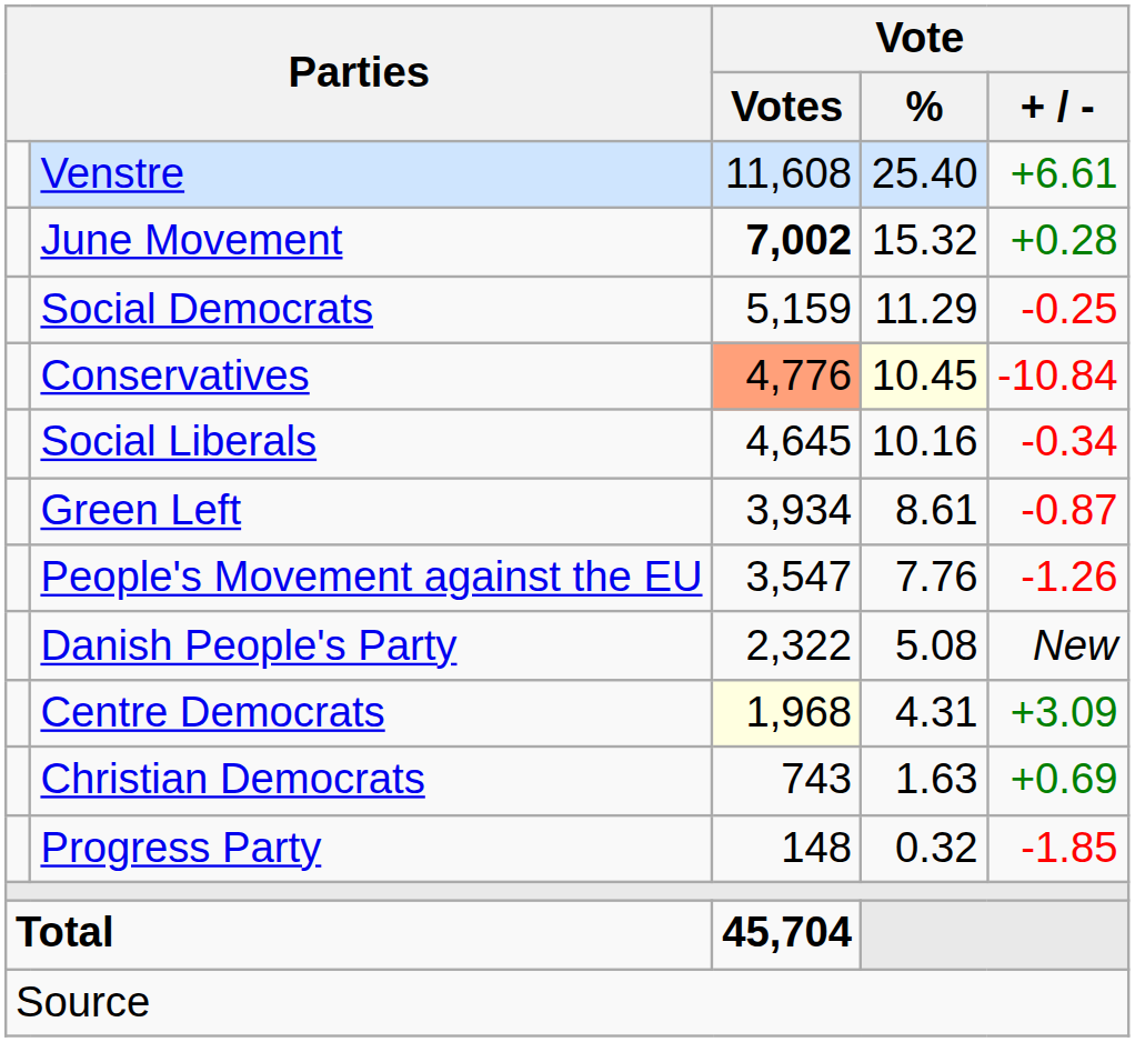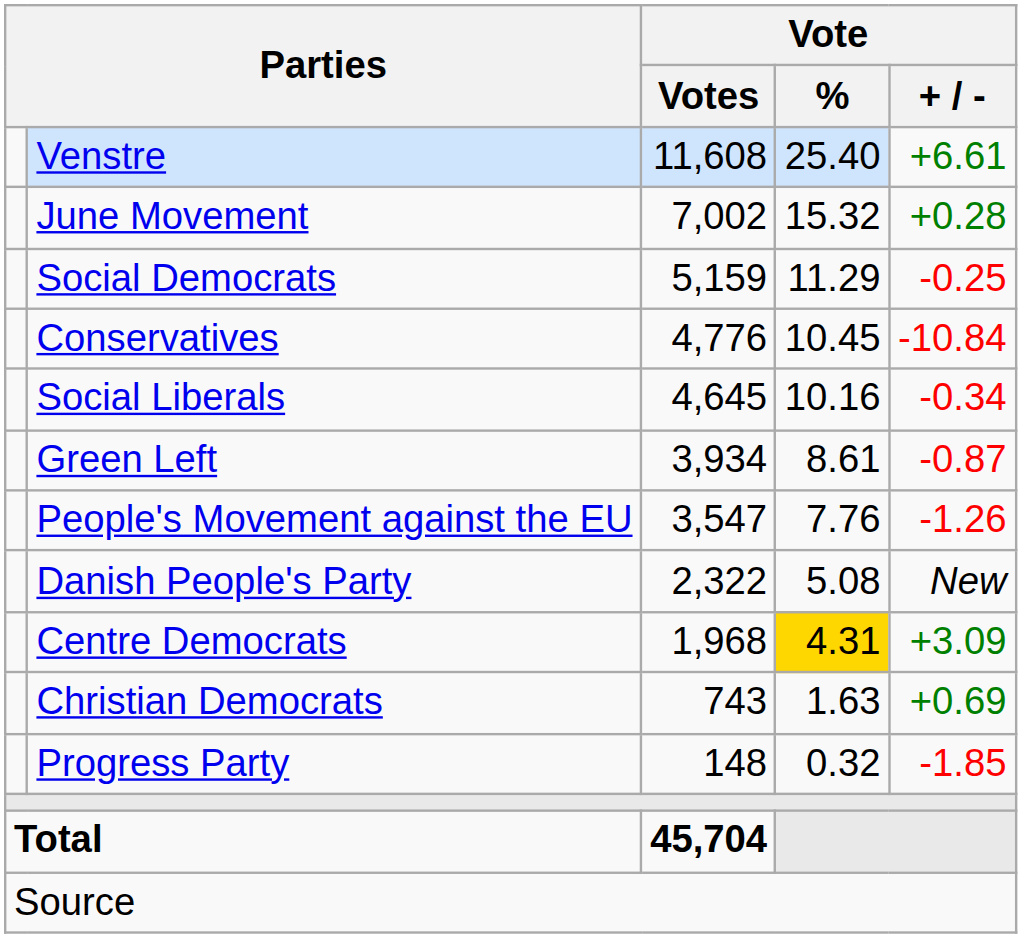 <table class="wikitable" style="text-align:right;">
 <tr>
 <th style="text-align:centre;" rowspan="2" colspan="2" width="225">Parties</th>
 <th colspan="3">Vote</th>
 </tr>
 <tr>
 <th width="15">Votes</th>
 <th width="15">%</th>
 <th width="15">+ / -</th>
 </tr>
 <tr>
 <td width="2" style="color:inherit;background:"></td>
 <td bgcolor=#cfe5fe   align="left"><a href='#'>Venstre</a></td>
 <td bgcolor=#cfe5fe>11,608</td>
 <td bgcolor=#cfe5fe>25.40</td>
 <td style=color:green;>+6.61</td>
 </tr>
 <tr>
 <td width="2" style="color:inherit;background:"></td>
 <td align="left"><a href='#'>June Movement</a></td>
-<td><strong>7,002</strong></td>
+<td>7,002</td>
 <td>15.32</td>
 <td style=color:green;>+0.28</td>
 </tr>
 <tr>
 <td width="2" style="color:inherit;background:"></td>
 <td align="left"><a href='#'>Social Democrats</a></td>
 <td>5,159</td>
 <td>11.29</td>
 <td style=color:red;>-0.25</td>
 </tr>
 <tr>
 <td width="2" style="color:inherit;background:"></td>
 <td align="left"><a href='#'>Conservatives</a></td>
-<td style="background: lightsalmon;">4,776</td>
-<td style="background: lightyellow;">10.45</td>
+<td>4,776</td>
+<td>10.45</td>
 <td style=color:red;>-10.84</td>
 </tr>
 <tr>
 <td width="2" style="color:inherit;background:"></td>
 <td align="left"><a href='#'>Social Liberals</a></td>
 <td>4,645</td>
 <td>10.16</td>
 <td style=color:red;>-0.34</td>
 </tr>
 <tr>
 <td width="2" style="color:inherit;background:"></td>
 <td align="left"><a href='#'>Green Left</a></td>
 <td>3,934</td>
 <td>8.61</td>
 <td style=color:red;>-0.87</td>
 </tr>
 <tr>
 <td width="2" style="color:inherit;background:"></td>
 <td align="left"><a href='#'>People's Movement against the EU</a></td>
 <td>3,547</td>
 <td>7.76</td>
 <td style=color:red;>-1.26</td>
 </tr>
 <tr>
 <td width="2" style="color:inherit;background:"></td>
 <td align="left"><a href='#'>Danish People's Party</a></td>
 <td>2,322</td>
 <td>5.08</td>
 <td><em>New</em></td>
 </tr>
 <tr>
 <td width="2" style="color:inherit;background:"></td>
 <td align="left"><a href='#'>Centre Democrats</a></td>
-<td style="background: lightyellow;">1,968</td>
-<td>4.31</td>
+<td>1,968</td>
+<td style="background: gold;">4.31</td>
 <td style=color:green;>+3.09</td>
 </tr>
 <tr>
 <td width="2" style="color:inherit;background:"></td>
 <td align="left"><a href='#'>Christian Democrats</a></td>
 <td>743</td>
 <td>1.63</td>
 <td style=color:green;>+0.69</td>
 </tr>
 <tr>
 <td width="2" style="color:inherit;background:"></td>
 <td align="left"><a href='#'>Progress Party</a></td>
 <td>148</td>
 <td>0.32</td>
 <td style=color:red;>-1.85</td>
 </tr>
 <tr>
 <td colspan="7" bgcolor="#E9E9E9"></td>
 </tr>
 <tr>
 <td align="left" colspan="2"><strong>Total</strong></td>
 <td><strong>45,704</strong></td>
 <td bgcolor="#E9E9E9" colspan="2"></td>
 </tr>
 <tr>
 <td align="left" colspan="6">Source</td>
 </tr>
 </table>
